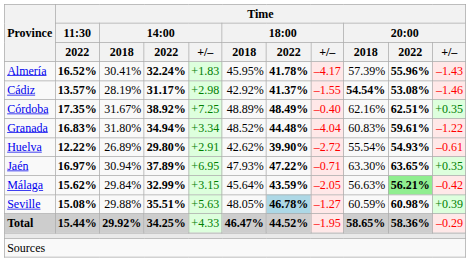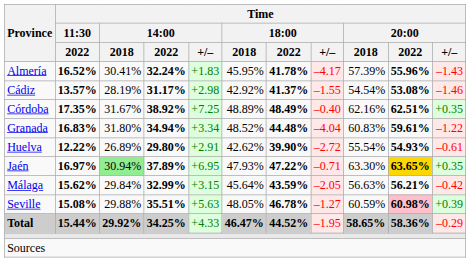 <table class="wikitable sortable" style="text-align:right;">
 <tr>
 <th rowspan="3">Province</th>
 <th colspan="11">Time</th>
 </tr>
 <tr>
 <th>11:30</th>
 <th colspan="3">14:00</th>
 <th colspan="3">18:00</th>
 <th colspan="3">20:00</th>
 </tr>
 <tr>
 <th>2022</th>
 <th>2018</th>
 <th>2022</th>
 <th>+/–</th>
 <th>2018</th>
 <th>2022</th>
 <th>+/–</th>
 <th>2018</th>
 <th>2022</th>
 <th>+/–</th>
 </tr>
 <tr>
 <td align="left"><a href='#'>Almería</a></td>
 <td><strong>16.52%</strong></td>
 <td>30.41%</td>
 <td><strong>32.24%</strong></td>
 <td style="background:#DDFFDD; color:green;">+1.83</td>
 <td>45.95%</td>
 <td><strong>41.78%</strong></td>
 <td style="background:#FFE8E8; color:red;">–4.17</td>
 <td>57.39%</td>
 <td><strong>55.96%</strong></td>
 <td style="background:#FFE8E8; color:red;">–1.43</td>
 </tr>
 <tr>
 <td align="left"><a href='#'>Cádiz</a></td>
 <td><strong>13.57%</strong></td>
 <td>28.19%</td>
 <td><strong>31.17%</strong></td>
 <td style="background:#DDFFDD; color:green;">+2.98</td>
 <td>42.92%</td>
 <td><strong>41.37%</strong></td>
 <td style="background:#FFE8E8; color:red;">–1.55</td>
-<td><strong>54.54%</strong></td>
+<td>54.54%</td>
 <td><strong>53.08%</strong></td>
 <td style="background:#FFE8E8; color:red;">–1.46</td>
 </tr>
 <tr>
 <td align="left"><a href='#'>Córdoba</a></td>
 <td><strong>17.35%</strong></td>
 <td>31.67%</td>
 <td><strong>38.92%</strong></td>
 <td style="background:#DDFFDD; color:green;">+7.25</td>
 <td>48.89%</td>
 <td><strong>48.49%</strong></td>
 <td style="background:#FFE8E8; color:red;">–0.40</td>
 <td>62.16%</td>
 <td><strong>62.51%</strong></td>
 <td style="background:#DDFFDD; color:green;">+0.35</td>
 </tr>
 <tr>
 <td align="left"><a href='#'>Granada</a></td>
 <td><strong>16.83%</strong></td>
 <td>31.80%</td>
 <td><strong>34.94%</strong></td>
 <td style="background:#DDFFDD; color:green;">+3.34</td>
 <td>48.52%</td>
 <td><strong>44.48%</strong></td>
 <td style="background:#FFE8E8; color:red;">–4.04</td>
 <td>60.83%</td>
 <td><strong>59.61%</strong></td>
 <td style="background:#FFE8E8; color:red;">–1.22</td>
 </tr>
 <tr>
 <td align="left"><a href='#'>Huelva</a></td>
 <td><strong>12.22%</strong></td>
 <td>26.89%</td>
 <td><strong>29.80%</strong></td>
 <td style="background:#DDFFDD; color:green;">+2.91</td>
 <td>42.62%</td>
 <td><strong>39.90%</strong></td>
 <td style="background:#FFE8E8; color:red;">–2.72</td>
 <td>55.54%</td>
 <td><strong>54.93%</strong></td>
 <td style="background:#FFE8E8; color:red;">–0.61</td>
 </tr>
 <tr>
 <td align="left"><a href='#'>Jaén</a></td>
 <td><strong>16.97%</strong></td>
-<td>30.94%</td>
+<td style="background: lightgreen;">30.94%</td>
 <td><strong>37.89%</strong></td>
 <td style="background:#DDFFDD; color:green;">+6.95</td>
 <td>47.93%</td>
 <td><strong>47.22%</strong></td>
 <td style="background:#FFE8E8; color:red;">–0.71</td>
 <td>63.30%</td>
-<td><strong>63.65%</strong></td>
+<td style="background: gold;"><strong>63.65%</strong></td>
 <td style="background:#DDFFDD; color:green;">+0.35</td>
 </tr>
 <tr>
 <td align="left"><a href='#'>Málaga</a></td>
 <td><strong>15.62%</strong></td>
 <td>29.84%</td>
 <td><strong>32.99%</strong></td>
 <td style="background:#DDFFDD; color:green;">+3.15</td>
 <td>45.64%</td>
 <td><strong>43.59%</strong></td>
 <td style="background:#FFE8E8; color:red;">–2.05</td>
 <td>56.63%</td>
-<td style="background: lightgreen;"><strong>56.21%</strong></td>
+<td><strong>56.21%</strong></td>
 <td style="background:#FFE8E8; color:red;">–0.42</td>
 </tr>
 <tr>
 <td align="left"><a href='#'>Seville</a></td>
 <td><strong>15.08%</strong></td>
 <td>29.88%</td>
 <td><strong>35.51%</strong></td>
 <td style="background:#DDFFDD; color:green;">+5.63</td>
 <td>48.05%</td>
-<td style="background: lightblue;"><strong>46.78%</strong></td>
+<td><strong>46.78%</strong></td>
 <td style="background:#FFE8E8; color:red;">–1.27</td>
 <td>60.59%</td>
-<td><strong>60.98%</strong></td>
+<td style="background: pink;"><strong>60.98%</strong></td>
 <td style="background:#DDFFDD; color:green;">+0.39</td>
 </tr>
 <tr style="background:#CDCDCD;">
 <td align="left"><strong>Total</strong></td>
 <td><strong>15.44%</strong></td>
 <td><strong>29.92%</strong></td>
 <td><strong>34.25%</strong></td>
 <td style="background:#DDFFDD; color:green;">+4.33</td>
 <td><strong>46.47%</strong></td>
 <td><strong>44.52%</strong></td>
 <td style="background:#FFE8E8; color:red;">–1.95</td>
 <td><strong>58.65%</strong></td>
 <td><strong>58.36%</strong></td>
 <td style="background:#FFE8E8; color:red;">–0.29</td>
 </tr>
 <tr>
 <td colspan="11" bgcolor="#E9E9E9"></td>
 </tr>
 <tr>
 <td align="left" colspan="11">Sources</td>
 </tr>
 </table>
